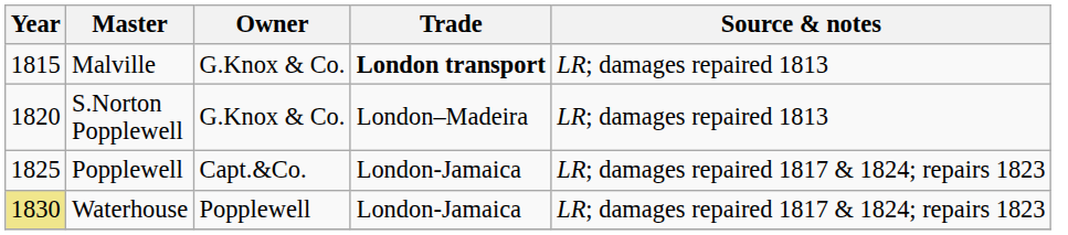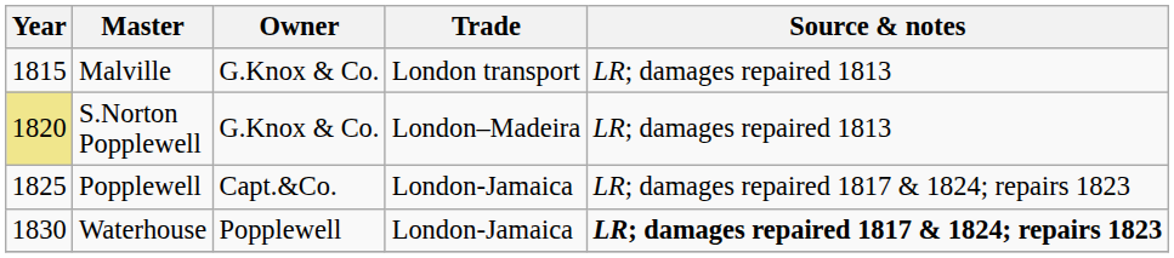 <table class="sortable wikitable">
 <tr>
 <th>Year</th>
 <th>Master</th>
 <th>Owner</th>
 <th>Trade</th>
 <th>Source & notes</th>
 </tr>
 <tr>
 <td>1815</td>
 <td>Malville</td>
 <td>G.Knox & Co.</td>
-<td><strong>London transport</strong></td>
+<td>London transport</td>
 <td><em>LR</em>; damages repaired 1813</td>
 </tr>
 <tr>
-<td>1820</td>
+<td style="background: khaki;">1820</td>
 <td>S.Norton<br>Popplewell</td>
 <td>G.Knox & Co.</td>
 <td>London–Madeira</td>
 <td><em>LR</em>; damages repaired 1813</td>
 </tr>
 <tr>
 <td>1825</td>
 <td>Popplewell</td>
 <td>Capt.&Co.</td>
 <td>London-Jamaica</td>
 <td><em>LR</em>; damages repaired 1817 & 1824; repairs 1823</td>
 </tr>
 <tr>
-<td style="background: khaki;">1830</td>
+<td>1830</td>
 <td>Waterhouse</td>
 <td>Popplewell</td>
 <td>London-Jamaica</td>
-<td><em>LR</em>; damages repaired 1817 & 1824; repairs 1823</td>
+<td><strong><em>LR</em>; damages repaired 1817 & 1824; repairs 1823</strong></td>
 </tr>
 <tr>
 </tr>
 </table>
